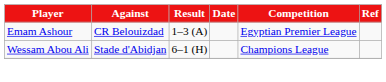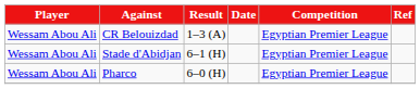 <table class="wikitable">
 <tr>
 <th style="background:#ed1313; color:#ffffff; ">Player</th>
 <th style="background:#ed1313; color:#ffffff; ">Against</th>
 <th style="background:#ed1313; color:#ffffff; ">Result</th>
 <th style="background:#ed1313; color:#ffffff; ">Date</th>
 <th style="background:#ed1313; color:#ffffff; ">Competition</th>
 <th style="background:#ed1313; color:#ffffff; ">Ref</th>
 </tr>
 <tr>
-<td> <a href='#'>Emam Ashour</a></td>
+<td> <a href='#'>Wessam Abou Ali</a></td>
 <td> <a href='#'>CR Belouizdad</a></td>
 <td>1–3 (A)</td>
 <td></td>
 <td><a href='#'>Egyptian Premier League</a></td>
 <td></td>
 </tr>
 <tr>
 <td> <a href='#'>Wessam Abou Ali</a></td>
 <td> <a href='#'>Stade d'Abidjan</a></td>
 <td>6–1 (H)</td>
 <td></td>
-<td><a href='#'>Champions League</a></td>
+<td><a href='#'>Egyptian Premier League</a></td>
+<td></td>
+</tr>
+<tr>
+<td> <a href='#'>Wessam Abou Ali</a></td>
+<td> <a href='#'>Pharco</a></td>
+<td>6–0 (H)</td>
+<td></td>
+<td><a href='#'>Egyptian Premier League</a></td>
 <td></td>
 </tr>
 <tr>
 </tr>
 </table>
